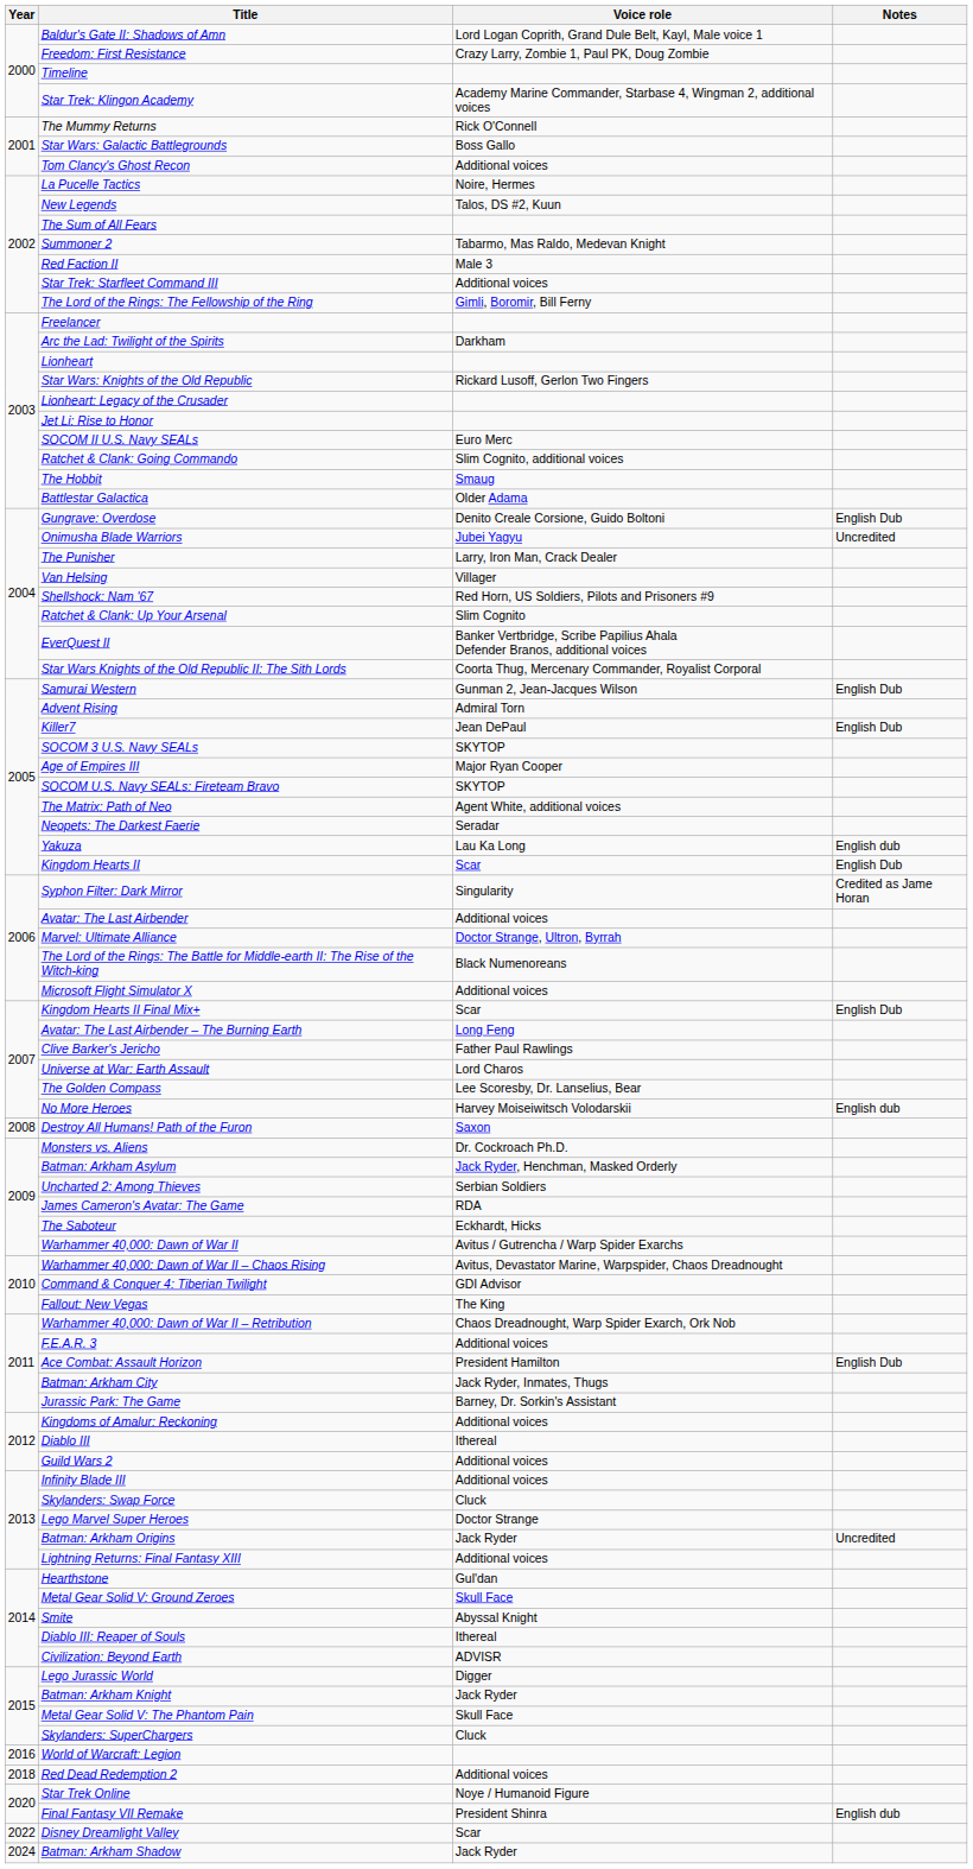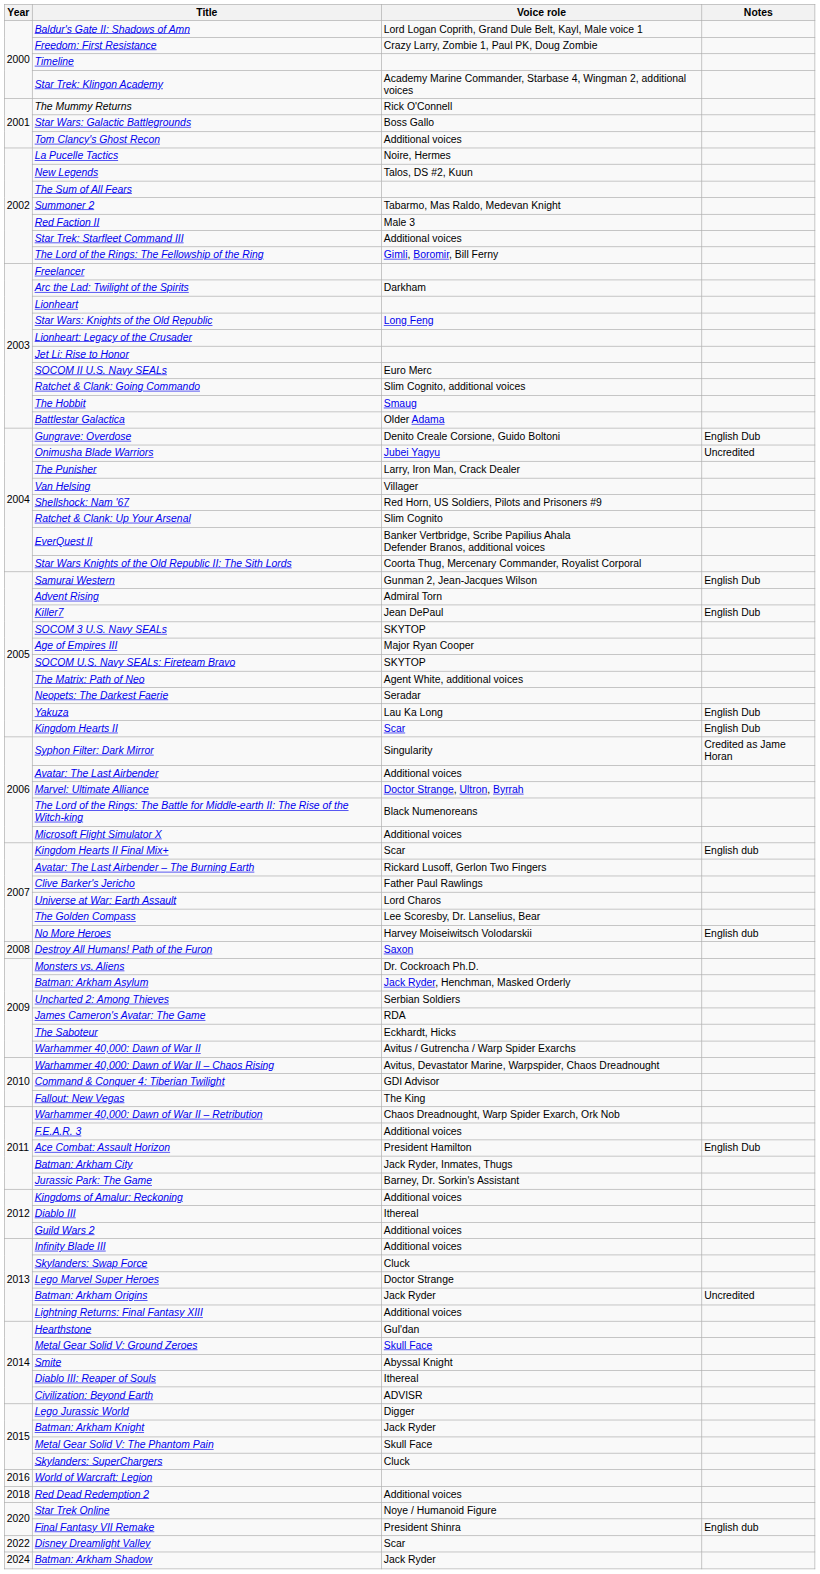 <table class="wikitable sortable">
 <tr>
 <th>Year</th>
 <th>Title</th>
 <th>Voice role</th>
 <th>Notes</th>
 </tr>
 <tr>
 <td rowspan=4>2000</td>
 <td><em><a href='#'>Baldur's Gate II: Shadows of Amn</a></em></td>
 <td>Lord Logan Coprith, Grand Dule Belt, Kayl, Male voice 1</td>
 <td></td>
 </tr>
 <tr>
 <td><em><a href='#'>Freedom: First Resistance</a></em></td>
 <td>Crazy Larry, Zombie 1, Paul PK, Doug Zombie</td>
 <td></td>
 </tr>
 <tr>
 <td><em><a href='#'>Timeline</a></em></td>
 <td></td>
 <td></td>
 </tr>
 <tr>
 <td><em><a href='#'>Star Trek: Klingon Academy</a></em></td>
 <td>Academy Marine Commander, Starbase 4, Wingman 2, additional voices</td>
 <td></td>
 </tr>
 <tr>
 <td rowspan=3>2001</td>
 <td><em>The Mummy Returns</em></td>
 <td>Rick O'Connell</td>
 <td></td>
 </tr>
 <tr>
 <td><em><a href='#'>Star Wars: Galactic Battlegrounds</a></em></td>
 <td>Boss Gallo</td>
 <td></td>
 </tr>
 <tr>
 <td><em><a href='#'>Tom Clancy's Ghost Recon</a></em></td>
 <td>Additional voices</td>
 <td></td>
 </tr>
 <tr>
 <td rowspan=7>2002</td>
 <td><em><a href='#'>La Pucelle Tactics</a></em></td>
 <td>Noire, Hermes</td>
 <td></td>
 </tr>
 <tr>
 <td><em><a href='#'>New Legends</a></em></td>
 <td>Talos, DS #2, Kuun</td>
 <td></td>
 </tr>
 <tr>
 <td><em><a href='#'>The Sum of All Fears</a></em></td>
 <td></td>
 <td></td>
 </tr>
 <tr>
 <td><em><a href='#'>Summoner 2</a></em></td>
 <td>Tabarmo, Mas Raldo, Medevan Knight</td>
 <td></td>
 </tr>
 <tr>
 <td><em><a href='#'>Red Faction II</a></em></td>
 <td>Male 3</td>
 <td></td>
 </tr>
 <tr>
 <td><em><a href='#'>Star Trek: Starfleet Command III</a></em></td>
 <td>Additional voices</td>
 <td></td>
 </tr>
 <tr>
 <td><em><a href='#'>The Lord of the Rings: The Fellowship of the Ring</a></em></td>
 <td><a href='#'>Gimli</a>, <a href='#'>Boromir</a>, Bill Ferny</td>
 <td></td>
 </tr>
 <tr>
 <td rowspan="10">2003</td>
 <td><em><a href='#'>Freelancer</a></em></td>
 <td></td>
 <td></td>
 </tr>
 <tr>
 <td><em><a href='#'>Arc the Lad: Twilight of the Spirits</a></em></td>
 <td>Darkham</td>
 <td></td>
 </tr>
 <tr>
 <td><em><a href='#'>Lionheart</a></em></td>
 <td></td>
 <td></td>
 </tr>
 <tr>
 <td><em><a href='#'>Star Wars: Knights of the Old Republic</a></em></td>
-<td>Rickard Lusoff, Gerlon Two Fingers</td>
+<td><a href='#'>Long Feng</a></td>
 <td></td>
 </tr>
 <tr>
 <td><em><a href='#'>Lionheart: Legacy of the Crusader</a></em></td>
 <td></td>
 <td></td>
 </tr>
 <tr>
 <td><em><a href='#'>Jet Li: Rise to Honor</a></em></td>
 <td></td>
 <td></td>
 </tr>
 <tr>
 <td><em><a href='#'>SOCOM II U.S. Navy SEALs</a></em></td>
 <td>Euro Merc</td>
 <td></td>
 </tr>
 <tr>
 <td><em><a href='#'>Ratchet & Clank: Going Commando</a></em></td>
 <td>Slim Cognito, additional voices</td>
 <td></td>
 </tr>
 <tr>
 <td><em><a href='#'>The Hobbit</a></em></td>
 <td><a href='#'>Smaug</a></td>
 <td></td>
 </tr>
 <tr>
 <td><em><a href='#'>Battlestar Galactica</a></em></td>
 <td>Older <a href='#'>Adama</a></td>
 <td></td>
 </tr>
 <tr>
 <td rowspan="8">2004</td>
 <td><em><a href='#'>Gungrave: Overdose</a></em></td>
 <td>Denito Creale Corsione, Guido Boltoni</td>
 <td>English Dub</td>
 </tr>
 <tr>
 <td><em><a href='#'>Onimusha Blade Warriors</a></em></td>
 <td><a href='#'>Jubei Yagyu</a></td>
 <td>Uncredited</td>
 </tr>
 <tr>
 <td><em><a href='#'>The Punisher</a></em></td>
 <td>Larry, Iron Man, Crack Dealer</td>
 <td></td>
 </tr>
 <tr>
 <td><em><a href='#'>Van Helsing</a></em></td>
 <td>Villager</td>
 <td></td>
 </tr>
 <tr>
 <td><em><a href='#'>Shellshock: Nam '67</a></em></td>
 <td>Red Horn, US Soldiers, Pilots and Prisoners #9</td>
 <td></td>
 </tr>
 <tr>
 <td><em><a href='#'>Ratchet & Clank: Up Your Arsenal</a></em></td>
 <td>Slim Cognito</td>
 <td></td>
 </tr>
 <tr>
 <td><em><a href='#'>EverQuest II</a></em></td>
 <td>Banker Vertbridge, Scribe Papilius Ahala<br> Defender Branos, additional voices</td>
 <td></td>
 </tr>
 <tr>
 <td><em><a href='#'>Star Wars Knights of the Old Republic II: The Sith Lords</a></em></td>
 <td>Coorta Thug, Mercenary Commander, Royalist Corporal</td>
 <td></td>
 </tr>
 <tr>
 <td rowspan="10">2005</td>
 <td><em><a href='#'>Samurai Western</a></em></td>
 <td>Gunman 2, Jean-Jacques Wilson</td>
 <td>English Dub</td>
 </tr>
 <tr>
 <td><em><a href='#'>Advent Rising</a></em></td>
 <td>Admiral Torn</td>
 <td></td>
 </tr>
 <tr>
 <td><em><a href='#'>Killer7</a></em></td>
 <td>Jean DePaul</td>
 <td>English Dub</td>
 </tr>
 <tr>
 <td><em><a href='#'>SOCOM 3 U.S. Navy SEALs</a></em></td>
 <td>SKYTOP</td>
 <td></td>
 </tr>
 <tr>
 <td><em><a href='#'>Age of Empires III</a></em></td>
 <td>Major Ryan Cooper</td>
 <td></td>
 </tr>
 <tr>
 <td><em><a href='#'>SOCOM U.S. Navy SEALs: Fireteam Bravo</a></em></td>
 <td>SKYTOP</td>
 <td></td>
 </tr>
 <tr>
 <td><em><a href='#'>The Matrix: Path of Neo</a></em></td>
 <td>Agent White, additional voices</td>
 <td></td>
 </tr>
 <tr>
 <td><em><a href='#'>Neopets: The Darkest Faerie</a></em></td>
 <td>Seradar</td>
 <td></td>
 </tr>
 <tr>
 <td><em><a href='#'>Yakuza</a></em></td>
 <td>Lau Ka Long</td>
-<td>English dub</td>
+<td>English Dub</td>
 </tr>
 <tr>
 <td><em><a href='#'>Kingdom Hearts II</a></em></td>
 <td><a href='#'>Scar</a></td>
 <td>English Dub</td>
 </tr>
 <tr>
 <td rowspan="5">2006</td>
 <td><em><a href='#'>Syphon Filter: Dark Mirror</a></em></td>
 <td>Singularity</td>
 <td>Credited as Jame Horan</td>
 </tr>
 <tr>
 <td><em><a href='#'>Avatar: The Last Airbender</a></em></td>
 <td>Additional voices</td>
 <td></td>
 </tr>
 <tr>
 <td><em><a href='#'>Marvel: Ultimate Alliance</a></em></td>
 <td><a href='#'>Doctor Strange</a>, <a href='#'>Ultron</a>, <a href='#'>Byrrah</a></td>
 <td></td>
 </tr>
 <tr>
 <td><em><a href='#'>The Lord of the Rings: The Battle for Middle-earth II: The Rise of the Witch-king</a></em></td>
 <td>Black Numenoreans</td>
 <td></td>
 </tr>
 <tr>
 <td><em><a href='#'>Microsoft Flight Simulator X</a></em></td>
 <td>Additional voices</td>
 <td></td>
 </tr>
 <tr>
 <td rowspan="6">2007</td>
 <td><em><a href='#'>Kingdom Hearts II Final Mix+</a></em></td>
 <td>Scar</td>
-<td>English Dub</td>
+<td>English dub</td>
 </tr>
 <tr>
 <td><em><a href='#'>Avatar: The Last Airbender – The Burning Earth</a></em></td>
-<td><a href='#'>Long Feng</a></td>
+<td>Rickard Lusoff, Gerlon Two Fingers</td>
 <td></td>
 </tr>
 <tr>
 <td><em><a href='#'>Clive Barker's Jericho</a></em></td>
 <td>Father Paul Rawlings</td>
 <td></td>
 </tr>
 <tr>
 <td><em><a href='#'>Universe at War: Earth Assault</a></em></td>
 <td>Lord Charos</td>
 <td></td>
 </tr>
 <tr>
 <td><em><a href='#'>The Golden Compass</a></em></td>
 <td>Lee Scoresby, Dr. Lanselius, Bear</td>
 <td></td>
 </tr>
 <tr>
 <td><em><a href='#'>No More Heroes</a></em></td>
 <td>Harvey Moiseiwitsch Volodarskii</td>
 <td>English dub</td>
 </tr>
 <tr>
 <td>2008</td>
 <td><em><a href='#'>Destroy All Humans! Path of the Furon</a></em></td>
 <td><a href='#'>Saxon</a></td>
 <td></td>
 </tr>
 <tr>
 <td rowspan=6>2009</td>
 <td><em><a href='#'>Monsters vs. Aliens</a></em></td>
 <td>Dr. Cockroach Ph.D.</td>
 <td></td>
 </tr>
 <tr>
 <td><em><a href='#'>Batman: Arkham Asylum</a></em></td>
 <td><a href='#'>Jack Ryder</a>, Henchman, Masked Orderly</td>
 <td></td>
 </tr>
 <tr>
 <td><em><a href='#'>Uncharted 2: Among Thieves</a></em></td>
 <td>Serbian Soldiers</td>
 <td></td>
 </tr>
 <tr>
 <td><em><a href='#'>James Cameron's Avatar: The Game</a></em></td>
 <td>RDA </td>
 <td></td>
 </tr>
 <tr>
 <td><em><a href='#'>The Saboteur</a></em></td>
 <td>Eckhardt, Hicks</td>
 <td></td>
 </tr>
 <tr>
 <td><em><a href='#'>Warhammer 40,000: Dawn of War II</a></em></td>
 <td>Avitus / Gutrencha / Warp Spider Exarchs</td>
 <td></td>
 </tr>
 <tr>
 <td rowspan=3>2010</td>
 <td><em><a href='#'>Warhammer 40,000: Dawn of War II – Chaos Rising</a></em></td>
 <td>Avitus, Devastator Marine, Warpspider, Chaos Dreadnought</td>
 <td></td>
 </tr>
 <tr>
 <td><em><a href='#'>Command & Conquer 4: Tiberian Twilight</a></em></td>
 <td>GDI Advisor</td>
 <td></td>
 </tr>
 <tr>
 <td><em><a href='#'>Fallout: New Vegas</a></em></td>
 <td>The King</td>
 <td></td>
 </tr>
 <tr>
 <td rowspan=5>2011</td>
 <td><em><a href='#'>Warhammer 40,000: Dawn of War II – Retribution</a></em></td>
 <td>Chaos Dreadnought, Warp Spider Exarch, Ork Nob</td>
 <td></td>
 </tr>
 <tr>
 <td><em><a href='#'>F.E.A.R. 3</a></em></td>
 <td>Additional voices</td>
 <td></td>
 </tr>
 <tr>
 <td><em><a href='#'>Ace Combat: Assault Horizon</a></em></td>
 <td>President Hamilton</td>
 <td>English Dub</td>
 </tr>
 <tr>
 <td><em><a href='#'>Batman: Arkham City</a></em></td>
 <td>Jack Ryder, Inmates, Thugs</td>
 <td></td>
 </tr>
 <tr>
 <td><em><a href='#'>Jurassic Park: The Game</a></em></td>
 <td>Barney, Dr. Sorkin's Assistant</td>
 <td></td>
 </tr>
 <tr>
 <td rowspan="3">2012</td>
 <td><em><a href='#'>Kingdoms of Amalur: Reckoning</a></em></td>
 <td>Additional voices</td>
 <td></td>
 </tr>
 <tr>
 <td><em><a href='#'>Diablo III</a></em></td>
 <td>Ithereal</td>
 <td></td>
 </tr>
 <tr>
 <td><em><a href='#'>Guild Wars 2</a></em></td>
 <td>Additional voices</td>
 <td></td>
 </tr>
 <tr>
 <td rowspan=5>2013</td>
 <td><em><a href='#'>Infinity Blade III</a></em></td>
 <td>Additional voices</td>
 <td></td>
 </tr>
 <tr>
 <td><em><a href='#'>Skylanders: Swap Force</a></em></td>
 <td>Cluck</td>
 <td></td>
 </tr>
 <tr>
 <td><em><a href='#'>Lego Marvel Super Heroes</a></em></td>
 <td>Doctor Strange</td>
 <td></td>
 </tr>
 <tr>
 <td><em><a href='#'>Batman: Arkham Origins</a></em></td>
 <td>Jack Ryder</td>
 <td>Uncredited</td>
 </tr>
 <tr>
 <td><em><a href='#'>Lightning Returns: Final Fantasy XIII</a></em></td>
 <td>Additional voices</td>
 <td></td>
 </tr>
 <tr>
 <td rowspan=5>2014</td>
 <td><em><a href='#'>Hearthstone</a></em></td>
 <td>Gul'dan</td>
 <td></td>
 </tr>
 <tr>
 <td><em><a href='#'>Metal Gear Solid V: Ground Zeroes</a></em></td>
 <td><a href='#'>Skull Face</a></td>
 <td></td>
 </tr>
 <tr>
 <td><em><a href='#'>Smite</a></em></td>
 <td>Abyssal Knight</td>
 <td></td>
 </tr>
 <tr>
 <td><em><a href='#'>Diablo III: Reaper of Souls</a></em></td>
 <td>Ithereal</td>
 <td></td>
 </tr>
 <tr>
 <td><em><a href='#'>Civilization: Beyond Earth</a></em></td>
 <td>ADVISR</td>
 <td></td>
 </tr>
 <tr>
 <td rowspan=4>2015</td>
 <td><em><a href='#'>Lego Jurassic World</a></em></td>
 <td>Digger</td>
 <td></td>
 </tr>
 <tr>
 <td><em><a href='#'>Batman: Arkham Knight</a></em></td>
 <td>Jack Ryder</td>
 <td></td>
 </tr>
 <tr>
 <td><em><a href='#'>Metal Gear Solid V: The Phantom Pain</a></em></td>
 <td>Skull Face</td>
 <td></td>
 </tr>
 <tr>
 <td><em><a href='#'>Skylanders: SuperChargers</a></em></td>
 <td>Cluck</td>
 <td></td>
 </tr>
 <tr>
 <td>2016</td>
 <td><em><a href='#'>World of Warcraft: Legion</a></em></td>
 <td></td>
 <td></td>
 </tr>
 <tr>
 <td>2018</td>
 <td><em><a href='#'>Red Dead Redemption 2</a></em></td>
 <td>Additional voices</td>
 <td></td>
 </tr>
 <tr>
 <td rowspan=2>2020</td>
 <td><em><a href='#'>Star Trek Online</a></em></td>
 <td>Noye / Humanoid Figure</td>
 <td></td>
 </tr>
 <tr>
 <td><em><a href='#'>Final Fantasy VII Remake</a></em></td>
 <td>President Shinra</td>
 <td>English dub</td>
 </tr>
 <tr>
 <td>2022</td>
 <td><em><a href='#'>Disney Dreamlight Valley</a></em></td>
 <td>Scar</td>
 <td></td>
 </tr>
 <tr>
 <td>2024</td>
 <td><em><a href='#'>Batman: Arkham Shadow</a></em></td>
 <td>Jack Ryder</td>
 <td></td>
 </tr>
 </table>
